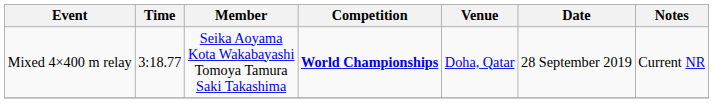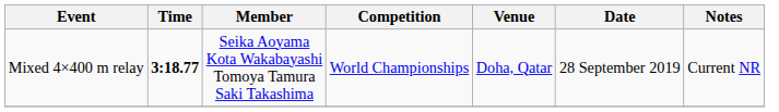 <table class="wikitable" style=text-align:center>
 <tr>
 <th>Event</th>
 <th>Time</th>
 <th>Member</th>
 <th>Competition</th>
 <th>Venue</th>
 <th>Date</th>
 <th>Notes</th>
 </tr>
 <tr>
 <td>Mixed 4×400 m relay</td>
-<td>3:18.77</td>
+<td><strong>3:18.77</strong></td>
 <td><a href='#'>Seika Aoyama</a><br><a href='#'>Kota Wakabayashi</a><br>Tomoya Tamura<br><a href='#'>Saki Takashima</a></td>
-<td><strong><a href='#'>World Championships</a></strong></td>
+<td><a href='#'>World Championships</a></td>
 <td><a href='#'>Doha, Qatar</a></td>
 <td>28 September 2019</td>
 <td>Current <a href='#'>NR</a></td>
 </tr>
 <tr>
 </tr>
 </table>
